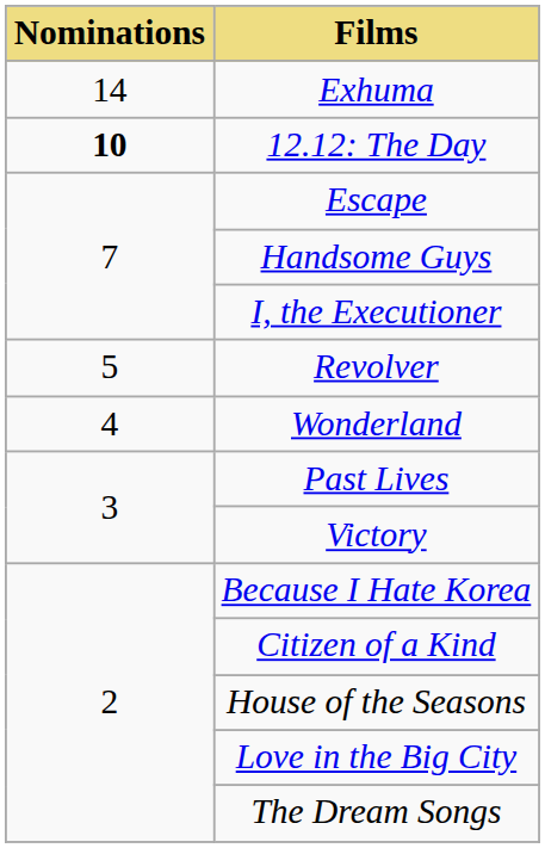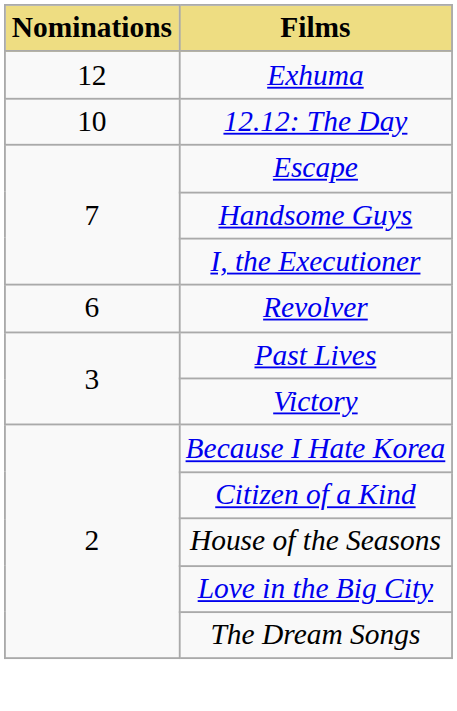 <table class="wikitable" align="center" style="text-align: center">
 <tr>
 <th style="background:#EEDD82; text-align:center">Nominations</th>
 <th style="background:#EEDD82; text-align:center">Films</th>
 </tr>
 <tr>
-<td style="text-align:center">14</td>
+<td style="text-align:center">12</td>
 <td><em><a href='#'>Exhuma</a></em></td>
 </tr>
 <tr>
-<td style="text-align:center"><strong>10</strong></td>
+<td style="text-align:center">10</td>
 <td><em><a href='#'>12.12: The Day</a></em></td>
 </tr>
 <tr>
 <td rowspan="3" style="text-align:center">7</td>
 <td><em><a href='#'>Escape</a></em></td>
 </tr>
 <tr>
 <td><em><a href='#'>Handsome Guys</a></em></td>
 </tr>
 <tr>
 <td><em><a href='#'>I, the Executioner</a></em></td>
 </tr>
 <tr>
-<td style="text-align:center">5</td>
+<td style="text-align:center">6</td>
 <td><em><a href='#'>Revolver</a></em></td>
-</tr>
-<tr>
-<td style="text-align:center">4</td>
-<td><em><a href='#'>Wonderland</a></em></td>
 </tr>
 <tr>
 <td rowspan=2 style="text-align:center">3</td>
 <td><em><a href='#'>Past Lives</a></em></td>
 </tr>
 <tr>
 <td><em><a href='#'>Victory</a></em></td>
 </tr>
 <tr>
 <td rowspan=5 style="text-align:center">2</td>
 <td><em><a href='#'>Because I Hate Korea</a></em></td>
 </tr>
 <tr>
 <td><em><a href='#'>Citizen of a Kind</a></em></td>
 </tr>
 <tr>
 <td><em>House of the Seasons</em></td>
 </tr>
 <tr>
 <td><em><a href='#'>Love in the Big City</a></em></td>
 </tr>
 <tr>
 <td><em>The Dream Songs</em></td>
 </tr>
 </table>
